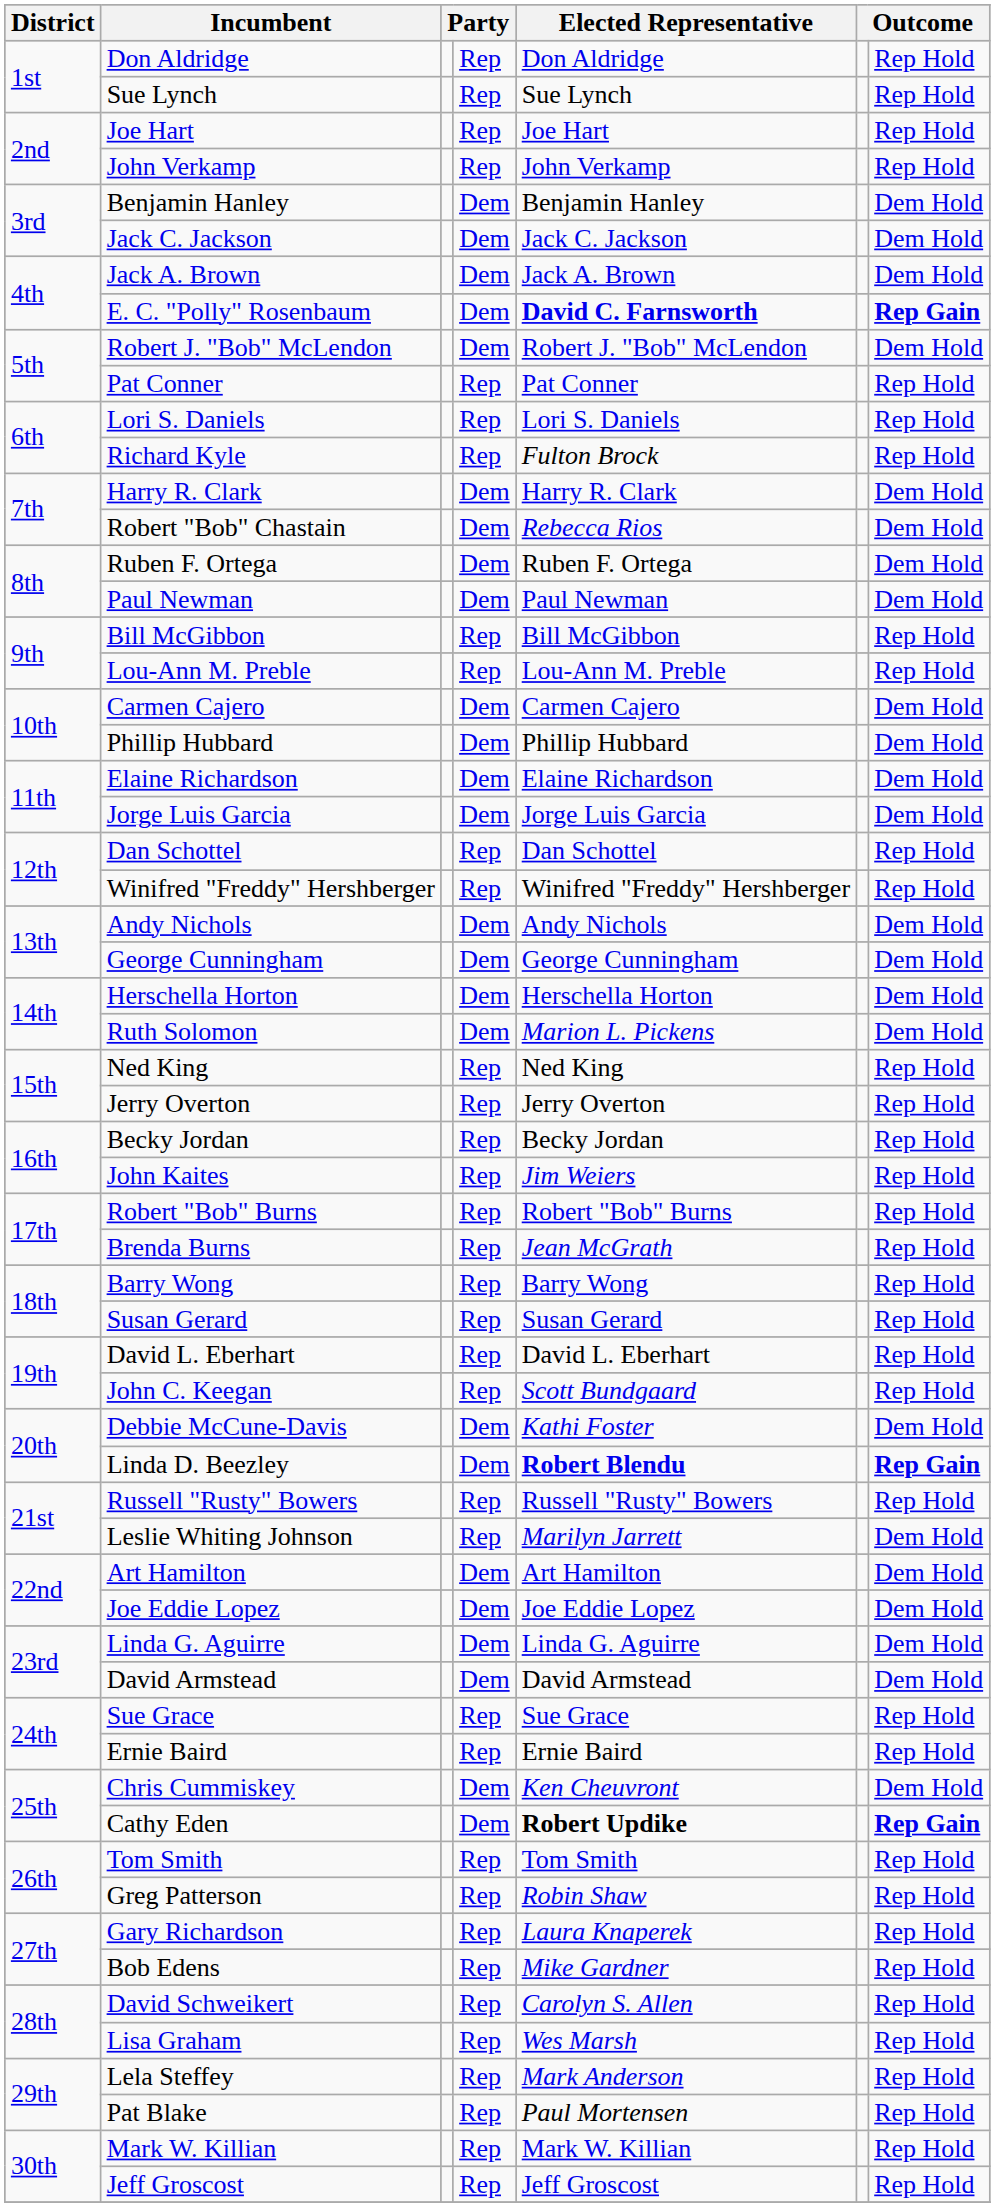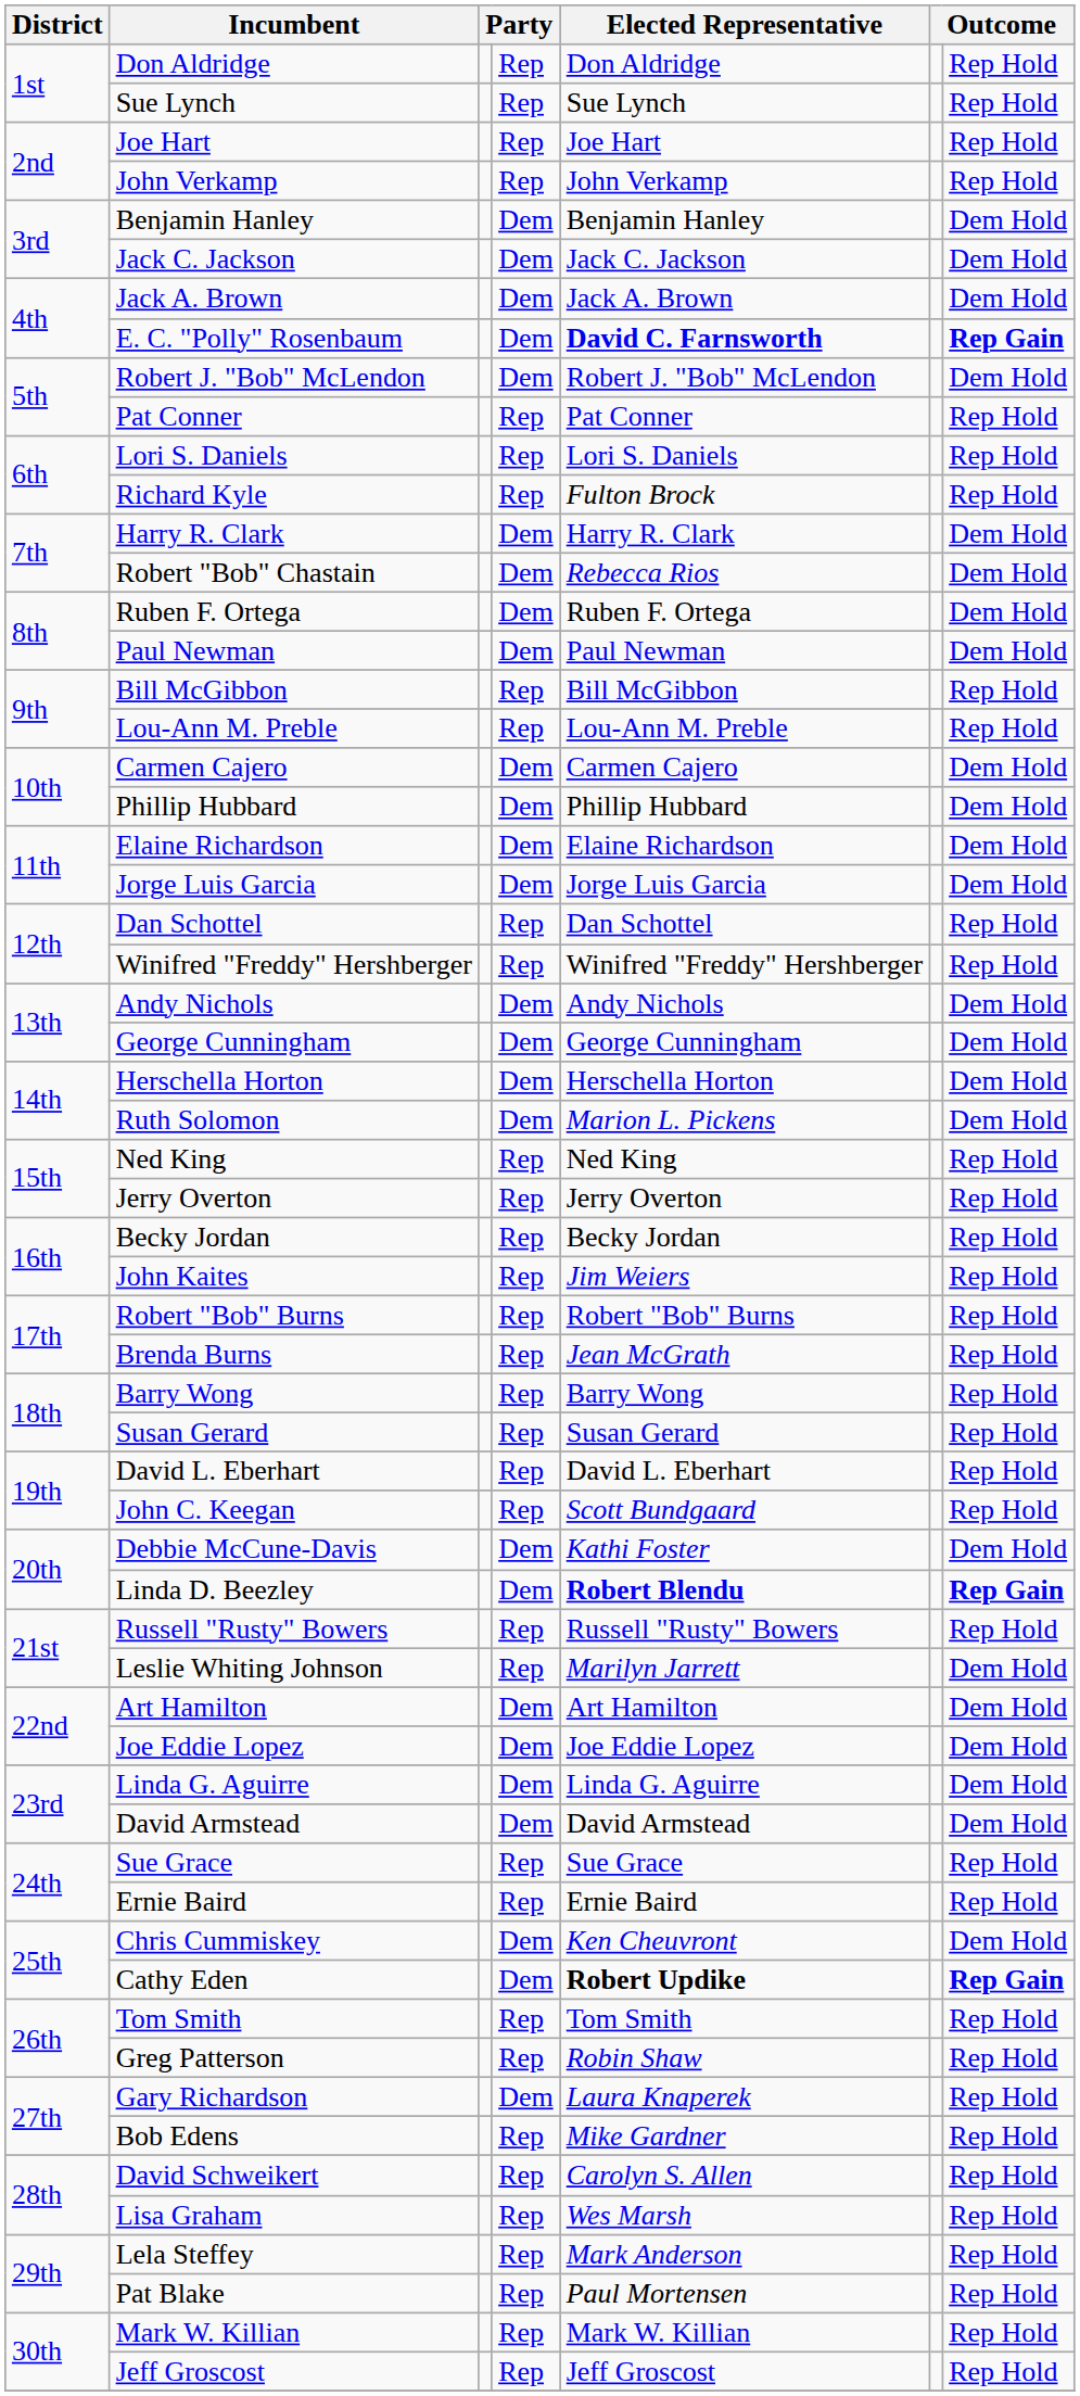 <table class="sortable wikitable" style="font-size:95%;line-height:14px;">
 <tr>
 <th>District</th>
 <th>Incumbent</th>
 <th colspan="2">Party</th>
 <th>Elected Representative</th>
 <th colspan="2">Outcome</th>
 </tr>
 <tr>
 <td rowspan="2"><a href='#'>1st</a></td>
 <td><a href='#'>Don Aldridge</a></td>
 <td style="background:"></td>
 <td><a href='#'>Rep</a></td>
 <td><a href='#'>Don Aldridge</a></td>
 <td style="background:"></td>
 <td><a href='#'>Rep Hold</a></td>
 </tr>
 <tr>
 <td>Sue Lynch</td>
 <td style="background:"></td>
 <td><a href='#'>Rep</a></td>
 <td>Sue Lynch</td>
 <td style="background:"></td>
 <td><a href='#'>Rep Hold</a></td>
 </tr>
 <tr>
 <td rowspan="2"><a href='#'>2nd</a></td>
 <td><a href='#'>Joe Hart</a></td>
 <td style="background:"></td>
 <td><a href='#'>Rep</a></td>
 <td><a href='#'>Joe Hart</a></td>
 <td style="background:"></td>
 <td><a href='#'>Rep Hold</a></td>
 </tr>
 <tr>
 <td><a href='#'>John Verkamp</a></td>
 <td style="background:"></td>
 <td><a href='#'>Rep</a></td>
 <td><a href='#'>John Verkamp</a></td>
 <td style="background:"></td>
 <td><a href='#'>Rep Hold</a></td>
 </tr>
 <tr>
 <td rowspan="2"><a href='#'>3rd</a></td>
 <td>Benjamin Hanley</td>
 <td style="background:"></td>
 <td><a href='#'>Dem</a></td>
 <td>Benjamin Hanley</td>
 <td style="background:"></td>
 <td><a href='#'>Dem Hold</a></td>
 </tr>
 <tr>
 <td><a href='#'>Jack C. Jackson</a></td>
 <td style="background:"></td>
 <td><a href='#'>Dem</a></td>
 <td><a href='#'>Jack C. Jackson</a></td>
 <td style="background:"></td>
 <td><a href='#'>Dem Hold</a></td>
 </tr>
 <tr>
 <td rowspan="2"><a href='#'>4th</a></td>
 <td><a href='#'>Jack A. Brown</a></td>
 <td style="background:"></td>
 <td><a href='#'>Dem</a></td>
 <td><a href='#'>Jack A. Brown</a></td>
 <td style="background:"></td>
 <td><a href='#'>Dem Hold</a></td>
 </tr>
 <tr>
 <td><a href='#'>E. C. "Polly" Rosenbaum</a></td>
 <td style="background:"></td>
 <td><a href='#'>Dem</a></td>
 <td><strong><a href='#'>David C. Farnsworth</a></strong></td>
 <td style="background:"></td>
 <td><strong><a href='#'>Rep Gain</a></strong></td>
 </tr>
 <tr>
 <td rowspan="2"><a href='#'>5th</a></td>
 <td><a href='#'>Robert J. "Bob" McLendon</a></td>
 <td style="background:"></td>
 <td><a href='#'>Dem</a></td>
 <td><a href='#'>Robert J. "Bob" McLendon</a></td>
 <td style="background:"></td>
 <td><a href='#'>Dem Hold</a></td>
 </tr>
 <tr>
 <td><a href='#'>Pat Conner</a></td>
 <td style="background:"></td>
 <td><a href='#'>Rep</a></td>
 <td><a href='#'>Pat Conner</a></td>
 <td style="background:"></td>
 <td><a href='#'>Rep Hold</a></td>
 </tr>
 <tr>
 <td rowspan="2"><a href='#'>6th</a></td>
 <td><a href='#'>Lori S. Daniels</a></td>
 <td style="background:"></td>
 <td><a href='#'>Rep</a></td>
 <td><a href='#'>Lori S. Daniels</a></td>
 <td style="background:"></td>
 <td><a href='#'>Rep Hold</a></td>
 </tr>
 <tr>
 <td><a href='#'>Richard Kyle</a></td>
 <td style="background:"></td>
 <td><a href='#'>Rep</a></td>
 <td><em>Fulton Brock</em></td>
 <td style="background:"></td>
 <td><a href='#'>Rep Hold</a></td>
 </tr>
 <tr>
 <td rowspan="2"><a href='#'>7th</a></td>
 <td><a href='#'>Harry R. Clark</a></td>
 <td style="background:"></td>
 <td><a href='#'>Dem</a></td>
 <td><a href='#'>Harry R. Clark</a></td>
 <td style="background:"></td>
 <td><a href='#'>Dem Hold</a></td>
 </tr>
 <tr>
 <td>Robert "Bob" Chastain</td>
 <td style="background:"></td>
 <td><a href='#'>Dem</a></td>
 <td><em><a href='#'>Rebecca Rios</a></em></td>
 <td style="background:"></td>
 <td><a href='#'>Dem Hold</a></td>
 </tr>
 <tr>
 <td rowspan="2"><a href='#'>8th</a></td>
 <td>Ruben F. Ortega</td>
 <td style="background:"></td>
 <td><a href='#'>Dem</a></td>
 <td>Ruben F. Ortega</td>
 <td style="background:"></td>
 <td><a href='#'>Dem Hold</a></td>
 </tr>
 <tr>
 <td><a href='#'>Paul Newman</a></td>
 <td style="background:"></td>
 <td><a href='#'>Dem</a></td>
 <td><a href='#'>Paul Newman</a></td>
 <td style="background:"></td>
 <td><a href='#'>Dem Hold</a></td>
 </tr>
 <tr>
 <td rowspan="2"><a href='#'>9th</a></td>
 <td><a href='#'>Bill McGibbon</a></td>
 <td style="background:"></td>
 <td><a href='#'>Rep</a></td>
 <td><a href='#'>Bill McGibbon</a></td>
 <td style="background:"></td>
 <td><a href='#'>Rep Hold</a></td>
 </tr>
 <tr>
 <td><a href='#'>Lou-Ann M. Preble</a></td>
 <td style="background:"></td>
 <td><a href='#'>Rep</a></td>
 <td><a href='#'>Lou-Ann M. Preble</a></td>
 <td style="background:"></td>
 <td><a href='#'>Rep Hold</a></td>
 </tr>
 <tr>
 <td rowspan="2"><a href='#'>10th</a></td>
 <td><a href='#'>Carmen Cajero</a></td>
 <td style="background:"></td>
 <td><a href='#'>Dem</a></td>
 <td><a href='#'>Carmen Cajero</a></td>
 <td style="background:"></td>
 <td><a href='#'>Dem Hold</a></td>
 </tr>
 <tr>
 <td>Phillip Hubbard</td>
 <td style="background:"></td>
 <td><a href='#'>Dem</a></td>
 <td>Phillip Hubbard</td>
 <td style="background:"></td>
 <td><a href='#'>Dem Hold</a></td>
 </tr>
 <tr>
 <td rowspan="2"><a href='#'>11th</a></td>
 <td><a href='#'>Elaine Richardson</a></td>
 <td style="background:"></td>
 <td><a href='#'>Dem</a></td>
 <td><a href='#'>Elaine Richardson</a></td>
 <td style="background:"></td>
 <td><a href='#'>Dem Hold</a></td>
 </tr>
 <tr>
 <td><a href='#'>Jorge Luis Garcia</a></td>
 <td style="background:"></td>
 <td><a href='#'>Dem</a></td>
 <td><a href='#'>Jorge Luis Garcia</a></td>
 <td style="background:"></td>
 <td><a href='#'>Dem Hold</a></td>
 </tr>
 <tr>
 <td rowspan="2"><a href='#'>12th</a></td>
 <td><a href='#'>Dan Schottel</a></td>
 <td style="background:"></td>
 <td><a href='#'>Rep</a></td>
 <td><a href='#'>Dan Schottel</a></td>
 <td style="background:"></td>
 <td><a href='#'>Rep Hold</a></td>
 </tr>
 <tr>
 <td>Winifred "Freddy" Hershberger</td>
 <td style="background:"></td>
 <td><a href='#'>Rep</a></td>
 <td>Winifred "Freddy" Hershberger</td>
 <td style="background:"></td>
 <td><a href='#'>Rep Hold</a></td>
 </tr>
 <tr>
 <td rowspan="2"><a href='#'>13th</a></td>
 <td><a href='#'>Andy Nichols</a></td>
 <td style="background:"></td>
 <td><a href='#'>Dem</a></td>
 <td><a href='#'>Andy Nichols</a></td>
 <td style="background:"></td>
 <td><a href='#'>Dem Hold</a></td>
 </tr>
 <tr>
 <td><a href='#'>George Cunningham</a></td>
 <td style="background:"></td>
 <td><a href='#'>Dem</a></td>
 <td><a href='#'>George Cunningham</a></td>
 <td style="background:"></td>
 <td><a href='#'>Dem Hold</a></td>
 </tr>
 <tr>
 <td rowspan="2"><a href='#'>14th</a></td>
 <td><a href='#'>Herschella Horton</a></td>
 <td style="background:"></td>
 <td><a href='#'>Dem</a></td>
 <td><a href='#'>Herschella Horton</a></td>
 <td style="background:"></td>
 <td><a href='#'>Dem Hold</a></td>
 </tr>
 <tr>
 <td><a href='#'>Ruth Solomon</a></td>
 <td style="background:"></td>
 <td><a href='#'>Dem</a></td>
 <td><em><a href='#'>Marion L. Pickens</a></em></td>
 <td style="background:"></td>
 <td><a href='#'>Dem Hold</a></td>
 </tr>
 <tr>
 <td rowspan="2"><a href='#'>15th</a></td>
 <td>Ned King</td>
 <td style="background:"></td>
 <td><a href='#'>Rep</a></td>
 <td>Ned King</td>
 <td style="background:"></td>
 <td><a href='#'>Rep Hold</a></td>
 </tr>
 <tr>
 <td>Jerry Overton</td>
 <td style="background:"></td>
 <td><a href='#'>Rep</a></td>
 <td>Jerry Overton</td>
 <td style="background:"></td>
 <td><a href='#'>Rep Hold</a></td>
 </tr>
 <tr>
 <td rowspan="2"><a href='#'>16th</a></td>
 <td>Becky Jordan</td>
 <td style="background:"></td>
 <td><a href='#'>Rep</a></td>
 <td>Becky Jordan</td>
 <td style="background:"></td>
 <td><a href='#'>Rep Hold</a></td>
 </tr>
 <tr>
 <td><a href='#'>John Kaites</a></td>
 <td style="background:"></td>
 <td><a href='#'>Rep</a></td>
 <td><em><a href='#'>Jim Weiers</a></em></td>
 <td style="background:"></td>
 <td><a href='#'>Rep Hold</a></td>
 </tr>
 <tr>
 <td rowspan="2"><a href='#'>17th</a></td>
 <td><a href='#'>Robert "Bob" Burns</a></td>
 <td style="background:"></td>
 <td><a href='#'>Rep</a></td>
 <td><a href='#'>Robert "Bob" Burns</a></td>
 <td style="background:"></td>
 <td><a href='#'>Rep Hold</a></td>
 </tr>
 <tr>
 <td><a href='#'>Brenda Burns</a></td>
 <td style="background:"></td>
 <td><a href='#'>Rep</a></td>
 <td><em><a href='#'>Jean McGrath</a></em></td>
 <td style="background:"></td>
 <td><a href='#'>Rep Hold</a></td>
 </tr>
 <tr>
 <td rowspan="2"><a href='#'>18th</a></td>
 <td><a href='#'>Barry Wong</a></td>
 <td style="background:"></td>
 <td><a href='#'>Rep</a></td>
 <td><a href='#'>Barry Wong</a></td>
 <td style="background:"></td>
 <td><a href='#'>Rep Hold</a></td>
 </tr>
 <tr>
 <td><a href='#'>Susan Gerard</a></td>
 <td style="background:"></td>
 <td><a href='#'>Rep</a></td>
 <td><a href='#'>Susan Gerard</a></td>
 <td style="background:"></td>
 <td><a href='#'>Rep Hold</a></td>
 </tr>
 <tr>
 <td rowspan="2"><a href='#'>19th</a></td>
 <td>David L. Eberhart</td>
 <td style="background:"></td>
 <td><a href='#'>Rep</a></td>
 <td>David L. Eberhart</td>
 <td style="background:"></td>
 <td><a href='#'>Rep Hold</a></td>
 </tr>
 <tr>
 <td><a href='#'>John C. Keegan</a></td>
 <td style="background:"></td>
 <td><a href='#'>Rep</a></td>
 <td><em><a href='#'>Scott Bundgaard</a></em></td>
 <td style="background:"></td>
 <td><a href='#'>Rep Hold</a></td>
 </tr>
 <tr>
 <td rowspan="2"><a href='#'>20th</a></td>
 <td><a href='#'>Debbie McCune-Davis</a></td>
 <td style="background:"></td>
 <td><a href='#'>Dem</a></td>
 <td><em><a href='#'>Kathi Foster</a></em></td>
 <td style="background:"></td>
 <td><a href='#'>Dem Hold</a></td>
 </tr>
 <tr>
 <td>Linda D. Beezley</td>
 <td style="background:"></td>
 <td><a href='#'>Dem</a></td>
 <td><strong><a href='#'>Robert Blendu</a></strong></td>
 <td style="background:"></td>
 <td><strong><a href='#'>Rep Gain</a></strong></td>
 </tr>
 <tr>
 <td rowspan="2"><a href='#'>21st</a></td>
 <td><a href='#'>Russell "Rusty" Bowers</a></td>
 <td style="background:"></td>
 <td><a href='#'>Rep</a></td>
 <td><a href='#'>Russell "Rusty" Bowers</a></td>
 <td style="background:"></td>
 <td><a href='#'>Rep Hold</a></td>
 </tr>
 <tr>
 <td>Leslie Whiting Johnson</td>
 <td style="background:"></td>
 <td><a href='#'>Rep</a></td>
 <td><em><a href='#'>Marilyn Jarrett</a></em></td>
 <td style="background:"></td>
 <td><a href='#'>Dem Hold</a></td>
 </tr>
 <tr>
 <td rowspan="2"><a href='#'>22nd</a></td>
 <td><a href='#'>Art Hamilton</a></td>
 <td style="background:"></td>
 <td><a href='#'>Dem</a></td>
 <td><a href='#'>Art Hamilton</a></td>
 <td style="background:"></td>
 <td><a href='#'>Dem Hold</a></td>
 </tr>
 <tr>
 <td><a href='#'>Joe Eddie Lopez</a></td>
 <td style="background:"></td>
 <td><a href='#'>Dem</a></td>
 <td><a href='#'>Joe Eddie Lopez</a></td>
 <td style="background:"></td>
 <td><a href='#'>Dem Hold</a></td>
 </tr>
 <tr>
 <td rowspan="2"><a href='#'>23rd</a></td>
 <td><a href='#'>Linda G. Aguirre</a></td>
 <td style="background:"></td>
 <td><a href='#'>Dem</a></td>
 <td><a href='#'>Linda G. Aguirre</a></td>
 <td style="background:"></td>
 <td><a href='#'>Dem Hold</a></td>
 </tr>
 <tr>
 <td>David Armstead</td>
 <td style="background:"></td>
 <td><a href='#'>Dem</a></td>
 <td>David Armstead</td>
 <td style="background:"></td>
 <td><a href='#'>Dem Hold</a></td>
 </tr>
 <tr>
 <td rowspan="2"><a href='#'>24th</a></td>
 <td><a href='#'>Sue Grace</a></td>
 <td style="background:"></td>
 <td><a href='#'>Rep</a></td>
 <td><a href='#'>Sue Grace</a></td>
 <td style="background:"></td>
 <td><a href='#'>Rep Hold</a></td>
 </tr>
 <tr>
 <td>Ernie Baird</td>
 <td style="background:"></td>
 <td><a href='#'>Rep</a></td>
 <td>Ernie Baird</td>
 <td style="background:"></td>
 <td><a href='#'>Rep Hold</a></td>
 </tr>
 <tr>
 <td rowspan="2"><a href='#'>25th</a></td>
 <td><a href='#'>Chris Cummiskey</a></td>
 <td style="background:"></td>
 <td><a href='#'>Dem</a></td>
 <td><em><a href='#'>Ken Cheuvront</a></em></td>
 <td style="background:"></td>
 <td><a href='#'>Dem Hold</a></td>
 </tr>
 <tr>
 <td>Cathy Eden</td>
 <td style="background:"></td>
 <td><a href='#'>Dem</a></td>
 <td><strong>Robert Updike</strong></td>
 <td style="background:"></td>
 <td><strong><a href='#'>Rep Gain</a></strong></td>
 </tr>
 <tr>
 <td rowspan="2"><a href='#'>26th</a></td>
 <td><a href='#'>Tom Smith</a></td>
 <td style="background:"></td>
 <td><a href='#'>Rep</a></td>
 <td><a href='#'>Tom Smith</a></td>
 <td style="background:"></td>
 <td><a href='#'>Rep Hold</a></td>
 </tr>
 <tr>
 <td>Greg Patterson</td>
 <td style="background:"></td>
 <td><a href='#'>Rep</a></td>
 <td><em><a href='#'>Robin Shaw</a></em></td>
 <td style="background:"></td>
 <td><a href='#'>Rep Hold</a></td>
 </tr>
 <tr>
 <td rowspan="2"><a href='#'>27th</a></td>
 <td><a href='#'>Gary Richardson</a></td>
 <td style="background:"></td>
-<td><a href='#'>Rep</a></td>
+<td><a href='#'>Dem</a></td>
 <td><em><a href='#'>Laura Knaperek</a></em></td>
 <td style="background:"></td>
 <td><a href='#'>Rep Hold</a></td>
 </tr>
 <tr>
 <td>Bob Edens</td>
 <td style="background:"></td>
 <td><a href='#'>Rep</a></td>
 <td><em><a href='#'>Mike Gardner</a></em></td>
 <td style="background:"></td>
 <td><a href='#'>Rep Hold</a></td>
 </tr>
 <tr>
 <td rowspan="2"><a href='#'>28th</a></td>
 <td><a href='#'>David Schweikert</a></td>
 <td style="background:"></td>
 <td><a href='#'>Rep</a></td>
 <td><em><a href='#'>Carolyn S. Allen</a></em></td>
 <td style="background:"></td>
 <td><a href='#'>Rep Hold</a></td>
 </tr>
 <tr>
 <td><a href='#'>Lisa Graham</a></td>
 <td style="background:"></td>
 <td><a href='#'>Rep</a></td>
 <td><em><a href='#'>Wes Marsh</a></em></td>
 <td style="background:"></td>
 <td><a href='#'>Rep Hold</a></td>
 </tr>
 <tr>
 <td rowspan="2"><a href='#'>29th</a></td>
 <td>Lela Steffey</td>
 <td style="background:"></td>
 <td><a href='#'>Rep</a></td>
 <td><em><a href='#'>Mark Anderson</a></em></td>
 <td style="background:"></td>
 <td><a href='#'>Rep Hold</a></td>
 </tr>
 <tr>
 <td>Pat Blake</td>
 <td style="background:"></td>
 <td><a href='#'>Rep</a></td>
 <td><em>Paul Mortensen</em></td>
 <td style="background:"></td>
 <td><a href='#'>Rep Hold</a></td>
 </tr>
 <tr>
 <td rowspan="2"><a href='#'>30th</a></td>
 <td><a href='#'>Mark W. Killian</a></td>
 <td style="background:"></td>
 <td><a href='#'>Rep</a></td>
 <td><a href='#'>Mark W. Killian</a></td>
 <td style="background:"></td>
 <td><a href='#'>Rep Hold</a></td>
 </tr>
 <tr>
 <td><a href='#'>Jeff Groscost</a></td>
 <td style="background:"></td>
 <td><a href='#'>Rep</a></td>
 <td><a href='#'>Jeff Groscost</a></td>
 <td style="background:"></td>
 <td><a href='#'>Rep Hold</a></td>
 </tr>
 <tr>
 </tr>
 </table>
